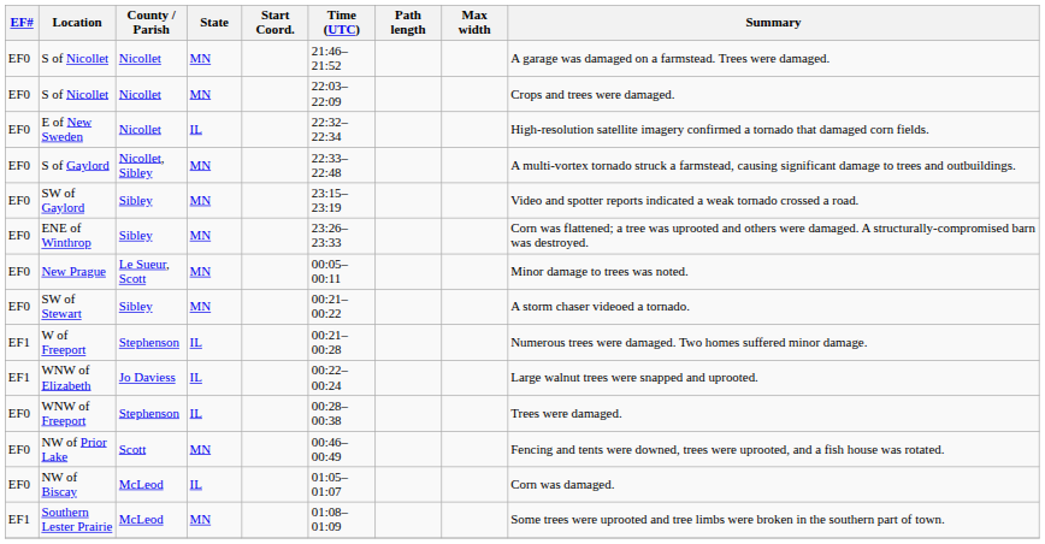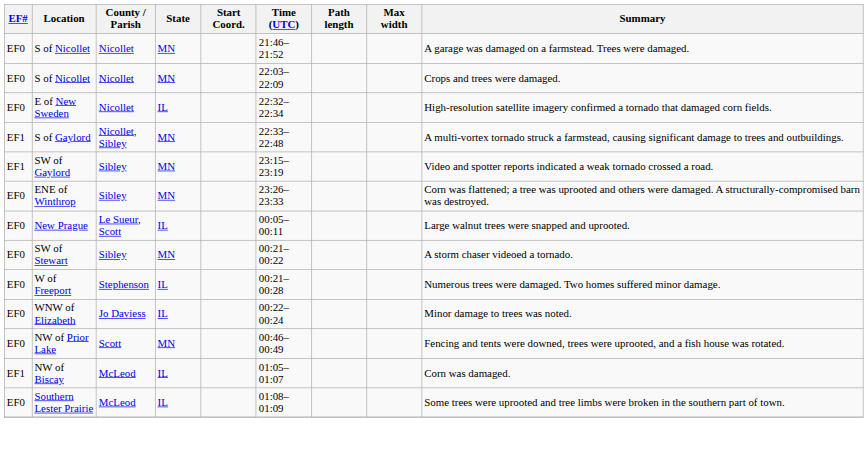 <table class="wikitable sortable" style="width:100%;">
 <tr>
 <th scope="col"  style="width:3%; text-align:center;"><a href='#'>EF#</a></th>
 <th scope="col"  style="width:7%; text-align:center;" class="unsortable">Location</th>
 <th scope="col"  style="width:6%; text-align:center;" class="unsortable">County / Parish</th>
 <th scope="col"  style="width:5%; text-align:center;">State</th>
 <th scope="col"  style="width:6%; text-align:center;">Start Coord.</th>
 <th scope="col"  style="width:6%; text-align:center;">Time (<a href='#'>UTC</a>)</th>
 <th scope="col"  style="width:6%; text-align:center;">Path length</th>
 <th scope="col"  style="width:6%; text-align:center;">Max width</th>
 <th scope="col" class="unsortable" style="width:48%; text-align:center;">Summary</th>
 </tr>
 <tr>
 <td>EF0</td>
 <td>S of <a href='#'>Nicollet</a></td>
 <td><a href='#'>Nicollet</a></td>
 <td><a href='#'>MN</a></td>
 <td></td>
 <td>21:46–21:52</td>
 <td></td>
 <td></td>
 <td>A garage was damaged on a farmstead. Trees were damaged.</td>
 </tr>
 <tr>
 <td>EF0</td>
 <td>S of <a href='#'>Nicollet</a></td>
 <td><a href='#'>Nicollet</a></td>
 <td><a href='#'>MN</a></td>
 <td></td>
 <td>22:03–22:09</td>
 <td></td>
 <td></td>
 <td>Crops and trees were damaged.</td>
 </tr>
 <tr>
 <td>EF0</td>
 <td>E of <a href='#'>New Sweden</a></td>
 <td><a href='#'>Nicollet</a></td>
 <td><a href='#'>IL</a></td>
 <td></td>
 <td>22:32–22:34</td>
 <td></td>
 <td></td>
 <td>High-resolution satellite imagery confirmed a tornado that damaged corn fields.</td>
 </tr>
 <tr>
-<td>EF0</td>
+<td>EF1</td>
 <td>S of <a href='#'>Gaylord</a></td>
 <td><a href='#'>Nicollet</a>, <a href='#'>Sibley</a></td>
 <td><a href='#'>MN</a></td>
 <td></td>
 <td>22:33–22:48</td>
 <td></td>
 <td></td>
 <td>A multi-vortex tornado struck a farmstead, causing significant damage to trees and outbuildings.</td>
 </tr>
 <tr>
-<td>EF0</td>
+<td>EF1</td>
 <td>SW of <a href='#'>Gaylord</a></td>
 <td><a href='#'>Sibley</a></td>
 <td><a href='#'>MN</a></td>
 <td></td>
 <td>23:15–23:19</td>
 <td></td>
 <td></td>
 <td>Video and spotter reports indicated a weak tornado crossed a road.</td>
 </tr>
 <tr>
 <td>EF0</td>
 <td>ENE of <a href='#'>Winthrop</a></td>
 <td><a href='#'>Sibley</a></td>
 <td><a href='#'>MN</a></td>
 <td></td>
 <td>23:26–23:33</td>
 <td></td>
 <td></td>
 <td>Corn was flattened; a tree was uprooted and others were damaged. A structurally-compromised barn was destroyed.</td>
 </tr>
 <tr>
 <td>EF0</td>
 <td><a href='#'>New Prague</a></td>
 <td><a href='#'>Le Sueur</a>, <a href='#'>Scott</a></td>
-<td><a href='#'>MN</a></td>
+<td><a href='#'>IL</a></td>
 <td></td>
 <td>00:05–00:11</td>
 <td></td>
 <td></td>
-<td>Minor damage to trees was noted.</td>
+<td>Large walnut trees were snapped and uprooted.</td>
 </tr>
 <tr>
 <td>EF0</td>
 <td>SW of <a href='#'>Stewart</a></td>
 <td><a href='#'>Sibley</a></td>
 <td><a href='#'>MN</a></td>
 <td></td>
 <td>00:21–00:22</td>
 <td></td>
 <td></td>
 <td>A storm chaser videoed a tornado.</td>
 </tr>
 <tr>
-<td>EF1</td>
+<td>EF0</td>
 <td>W of <a href='#'>Freeport</a></td>
 <td><a href='#'>Stephenson</a></td>
 <td><a href='#'>IL</a></td>
 <td></td>
 <td>00:21–00:28</td>
 <td></td>
 <td></td>
 <td>Numerous trees were damaged. Two homes suffered minor damage.</td>
 </tr>
 <tr>
-<td>EF1</td>
+<td>EF0</td>
 <td>WNW of <a href='#'>Elizabeth</a></td>
 <td><a href='#'>Jo Daviess</a></td>
 <td><a href='#'>IL</a></td>
 <td></td>
 <td>00:22–00:24</td>
 <td></td>
 <td></td>
-<td>Large walnut trees were snapped and uprooted.</td>
-</tr>
-<tr>
-<td>EF0</td>
-<td>WNW of <a href='#'>Freeport</a></td>
-<td><a href='#'>Stephenson</a></td>
-<td><a href='#'>IL</a></td>
-<td></td>
-<td>00:28–00:38</td>
-<td></td>
-<td></td>
-<td>Trees were damaged.</td>
+<td>Minor damage to trees was noted.</td>
 </tr>
 <tr>
 <td>EF0</td>
 <td>NW of <a href='#'>Prior Lake</a></td>
 <td><a href='#'>Scott</a></td>
 <td><a href='#'>MN</a></td>
 <td></td>
 <td>00:46–00:49</td>
 <td></td>
 <td></td>
 <td>Fencing and tents were downed, trees were uprooted, and a fish house was rotated.</td>
 </tr>
 <tr>
-<td>EF0</td>
+<td>EF1</td>
 <td>NW of <a href='#'>Biscay</a></td>
 <td><a href='#'>McLeod</a></td>
 <td><a href='#'>IL</a></td>
 <td></td>
 <td>01:05–01:07</td>
 <td></td>
 <td></td>
 <td>Corn was damaged.</td>
 </tr>
 <tr>
-<td>EF1</td>
+<td>EF0</td>
 <td><a href='#'>Southern Lester Prairie</a></td>
 <td><a href='#'>McLeod</a></td>
-<td><a href='#'>MN</a></td>
+<td><a href='#'>IL</a></td>
 <td></td>
 <td>01:08–01:09</td>
 <td></td>
 <td></td>
 <td>Some trees were uprooted and tree limbs were broken in the southern part of town.</td>
 </tr>
 <tr>
 </tr>
 </table>
